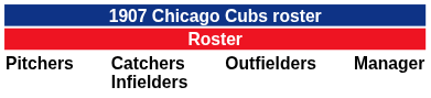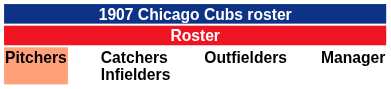 <table class="toccolours" style="font-size: 95%;">
 <tr>
 <th colspan="10" style="background-color: #0e3386; color: white; text-align: center;">1907 Chicago Cubs roster</th>
 </tr>
 <tr>
 <td colspan="10" style="background-color: #EE1422; color: white; text-align: center;"><strong>Roster</strong></td>
 </tr>
 <tr>
-<td valign="top"><strong>Pitchers</strong><br>       </td>
+<td valign="top" style="background: lightsalmon;"><strong>Pitchers</strong><br>       </td>
 <td width="25px"></td>
 <td valign="top"><strong>Catchers</strong><br>    <strong>Infielders</strong>       </td>
 <td width="25px"></td>
 <td valign="top"><strong>Outfielders</strong><br>    </td>
 <td width="25px"></td>
 <td valign="top"><strong>Manager</strong><br></td>
 </tr>
 </table>
